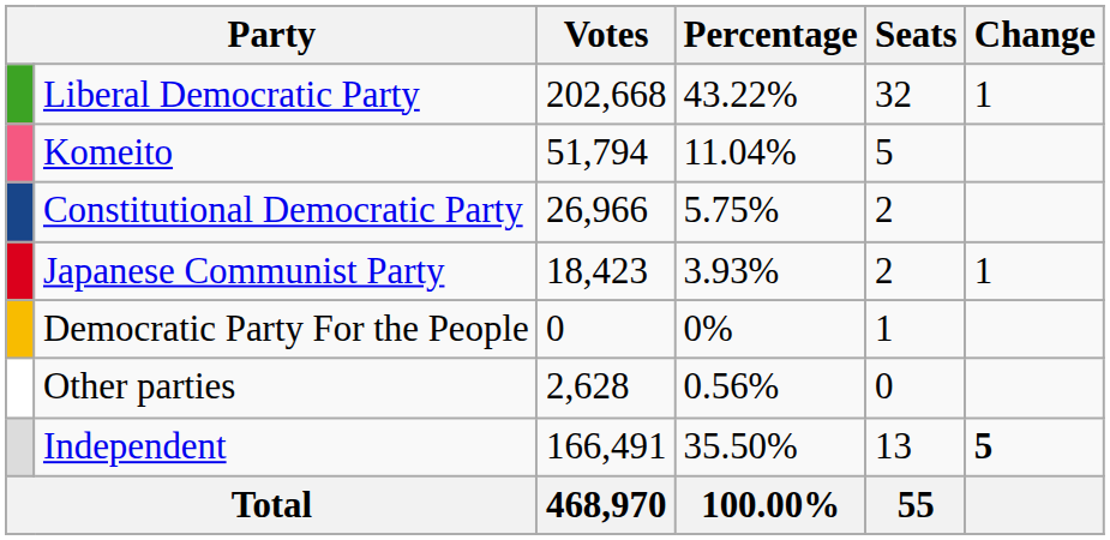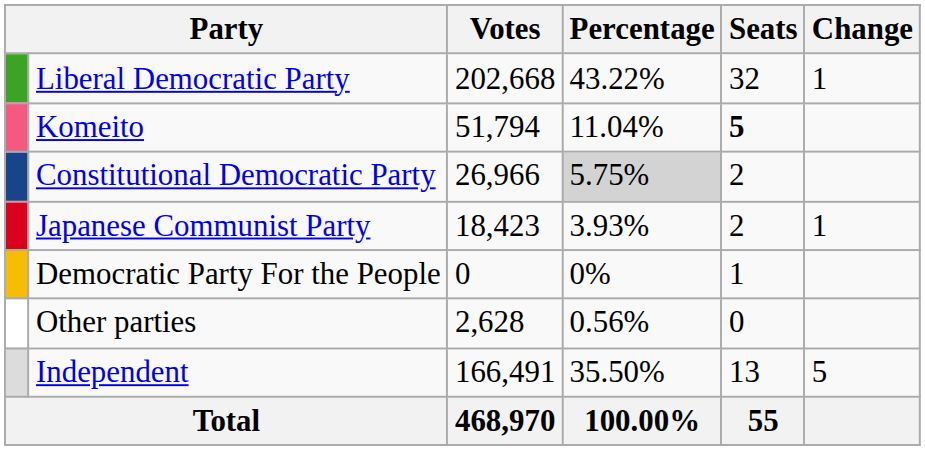 <table class="wikitable">
 <tr>
 <th colspan="2">Party</th>
 <th>Votes</th>
 <th>Percentage</th>
 <th>Seats</th>
 <th>Change</th>
 </tr>
 <tr>
 <td style="background:#3CA324;" width=5></td>
 <td><a href='#'>Liberal Democratic Party</a></td>
 <td>202,668</td>
 <td>43.22%</td>
 <td>32</td>
 <td>1</td>
 </tr>
 <tr>
 <td style="background:#F55881;" width=5></td>
 <td><a href='#'>Komeito</a></td>
 <td>51,794</td>
 <td>11.04%</td>
-<td>5</td>
+<td><strong>5</strong></td>
 <td></td>
 </tr>
 <tr>
 <td style="background:#184589;" width=5></td>
 <td><a href='#'>Constitutional Democratic Party</a></td>
 <td>26,966</td>
-<td>5.75%</td>
+<td style="background: lightgrey;">5.75%</td>
 <td>2</td>
 <td></td>
 </tr>
 <tr>
 <td style="background:#DB001C;" width=5></td>
 <td><a href='#'>Japanese Communist Party</a></td>
 <td>18,423</td>
 <td>3.93%</td>
 <td>2</td>
 <td>1</td>
 </tr>
 <tr>
 <td style="background:#F8BC00;" width=5></td>
 <td>Democratic Party For the People</td>
 <td>0</td>
 <td>0%</td>
 <td>1</td>
 <td></td>
 </tr>
 <tr>
 <td style="background:#FFFFFF;" width=5></td>
 <td>Other parties</td>
 <td>2,628</td>
 <td>0.56%</td>
 <td>0</td>
 <td></td>
 </tr>
 <tr>
 <td style="background:#DCDCDC;" width=5></td>
 <td><a href='#'>Independent</a></td>
 <td>166,491</td>
 <td>35.50%</td>
 <td>13</td>
-<td><strong>5</strong></td>
+<td>5</td>
 </tr>
 <tr>
 <th colspan="2">Total</th>
 <th>468,970</th>
 <th>100.00%</th>
 <th>55</th>
 <th></th>
 </tr>
 </table>
